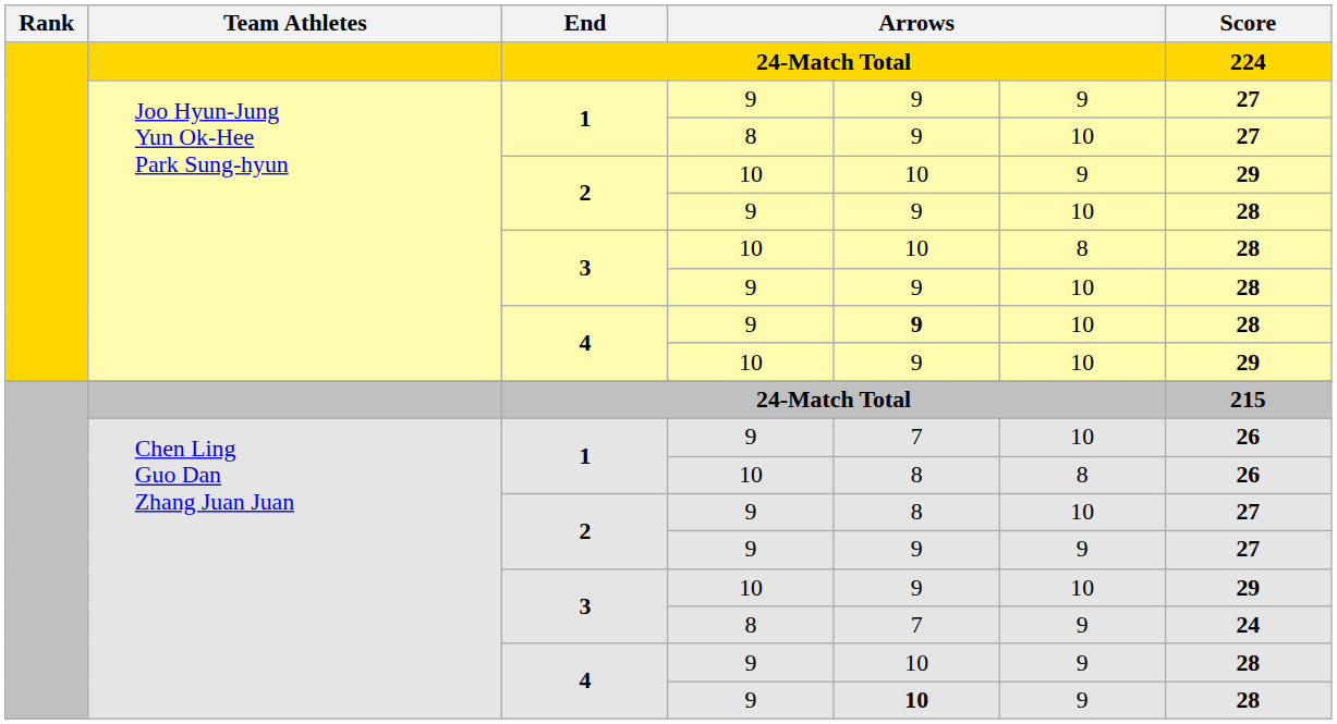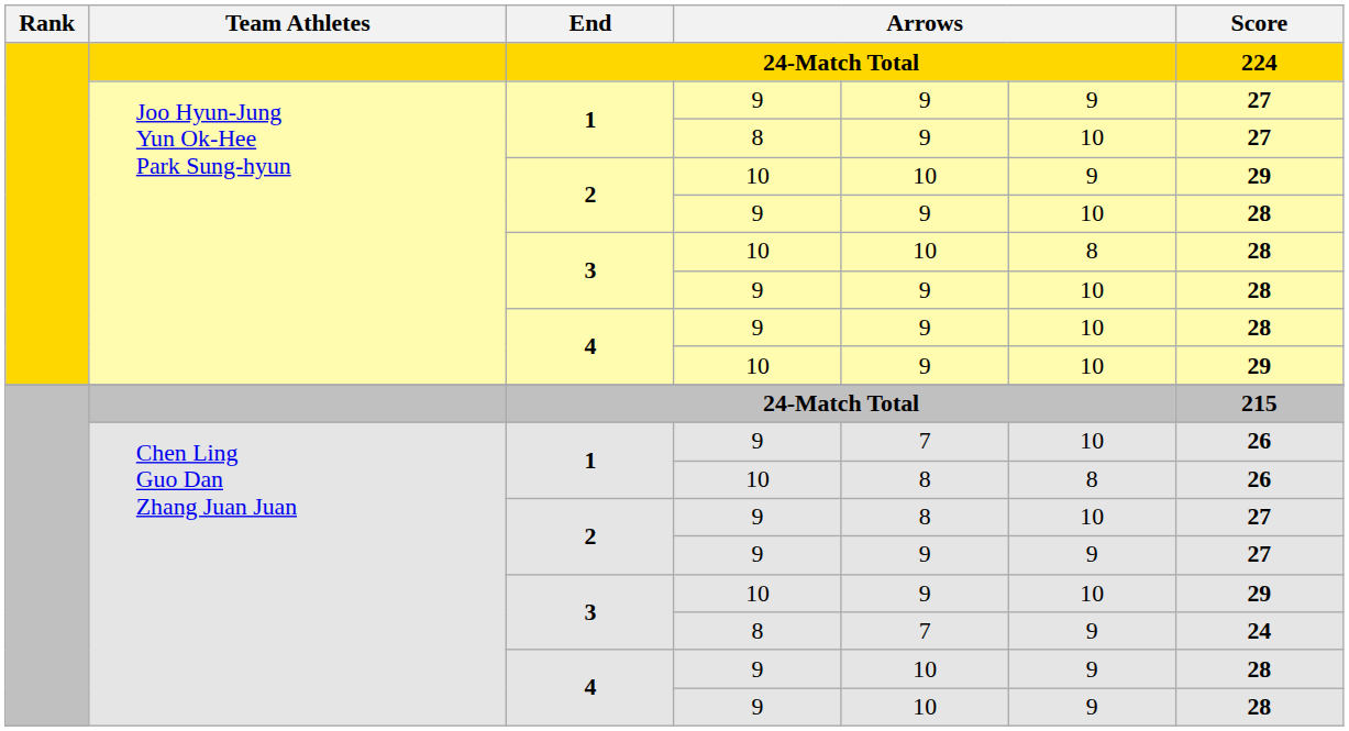 <table class=wikitable>
 <tr>
 <th width=5%>Rank</th>
 <th width=25%>Team Athletes</th>
 <th width=10%>End</th>
 <th colspan=3 width=30%>Arrows</th>
 <th width=10%>Score</th>
 </tr>
 <tr bgcolor=gold>
 <td rowspan=9 align=center></td>
 <td></td>
 <td colspan=4 align=center><strong>24-Match Total</strong></td>
 <td align=center><strong>224</strong></td>
 </tr>
 <tr bgcolor=fffcaf>
 <td rowspan=8>       <a href='#'>Joo Hyun-Jung</a><br>       <a href='#'>Yun Ok-Hee</a><br>       <a href='#'>Park Sung-hyun</a><br><br><br><br><br><br><br><br></td>
 <td rowspan=2 align=center><strong>1</strong></td>
 <td align=center>9</td>
 <td align=center>9</td>
 <td align=center>9</td>
 <td align=center><strong>27</strong></td>
 </tr>
 <tr bgcolor=fffcaf>
 <td align=center>8</td>
 <td align=center>9</td>
 <td align=center>10</td>
 <td align=center><strong>27</strong></td>
 </tr>
 <tr bgcolor=fffcaf>
 <td rowspan=2 align=center><strong>2</strong></td>
 <td align=center>10</td>
 <td align=center>10</td>
 <td align=center>9</td>
 <td align=center><strong>29</strong></td>
 </tr>
 <tr bgcolor=fffcaf>
 <td align=center>9</td>
 <td align=center>9</td>
 <td align=center>10</td>
 <td align=center><strong>28</strong></td>
 </tr>
 <tr bgcolor=fffcaf>
 <td rowspan=2 align=center><strong>3</strong></td>
 <td align=center>10</td>
 <td align=center>10</td>
 <td align=center>8</td>
 <td align=center><strong>28</strong></td>
 </tr>
 <tr bgcolor=fffcaf>
 <td align=center>9</td>
 <td align=center>9</td>
 <td align=center>10</td>
 <td align=center><strong>28</strong></td>
 </tr>
 <tr bgcolor=fffcaf>
 <td rowspan=2 align=center><strong>4</strong></td>
 <td align=center>9</td>
-<td align=center><strong>9</strong></td>
+<td align=center>9</td>
 <td align=center>10</td>
 <td align=center><strong>28</strong></td>
 </tr>
 <tr bgcolor=fffcaf>
 <td align=center>10</td>
 <td align=center>9</td>
 <td align=center>10</td>
 <td align=center><strong>29</strong></td>
 </tr>
 <tr>
 </tr>
 <tr bgcolor=silver>
 <td rowspan=9 align=center></td>
 <td></td>
 <td colspan=4 align=center><strong>24-Match Total</strong></td>
 <td align=center><strong>215</strong></td>
 </tr>
 <tr bgcolor=e5e5e5>
 <td rowspan=8>       <a href='#'>Chen Ling</a><br>       <a href='#'>Guo Dan</a><br>       <a href='#'>Zhang Juan Juan</a><br><br><br><br><br><br><br><br></td>
 <td rowspan=2 align=center><strong>1</strong></td>
 <td align=center>9</td>
 <td align=center>7</td>
 <td align=center>10</td>
 <td align=center><strong>26</strong></td>
 </tr>
 <tr bgcolor=e5e5e5>
 <td align=center>10</td>
 <td align=center>8</td>
 <td align=center>8</td>
 <td align=center><strong>26</strong></td>
 </tr>
 <tr bgcolor=e5e5e5>
 <td rowspan=2 align=center><strong>2</strong></td>
 <td align=center>9</td>
 <td align=center>8</td>
 <td align=center>10</td>
 <td align=center><strong>27</strong></td>
 </tr>
 <tr bgcolor=e5e5e5>
 <td align=center>9</td>
 <td align=center>9</td>
 <td align=center>9</td>
 <td align=center><strong>27</strong></td>
 </tr>
 <tr bgcolor=e5e5e5>
 <td rowspan=2 align=center><strong>3</strong></td>
 <td align=center>10</td>
 <td align=center>9</td>
 <td align=center>10</td>
 <td align=center><strong>29</strong></td>
 </tr>
 <tr bgcolor=e5e5e5>
 <td align=center>8</td>
 <td align=center>7</td>
 <td align=center>9</td>
 <td align=center><strong>24</strong></td>
 </tr>
 <tr bgcolor=e5e5e5>
 <td rowspan=2 align=center><strong>4</strong></td>
 <td align=center>9</td>
 <td align=center>10</td>
 <td align=center>9</td>
 <td align=center><strong>28</strong></td>
 </tr>
 <tr bgcolor=e5e5e5>
 <td align=center>9</td>
-<td align=center><strong>10</strong></td>
+<td align=center>10</td>
 <td align=center>9</td>
 <td align=center><strong>28</strong></td>
 </tr>
 </table>
